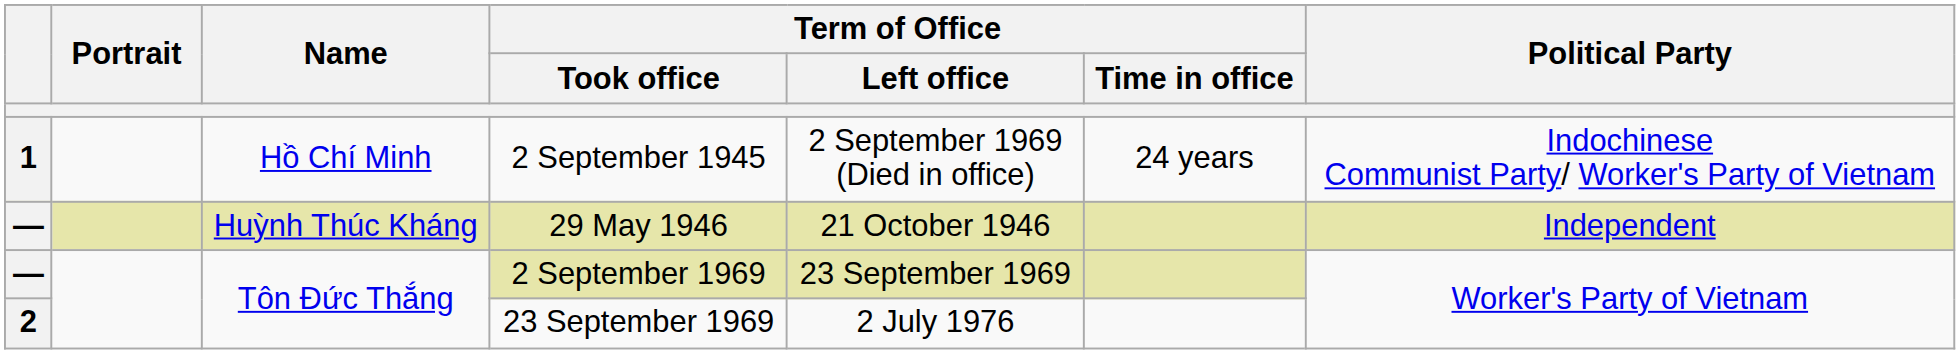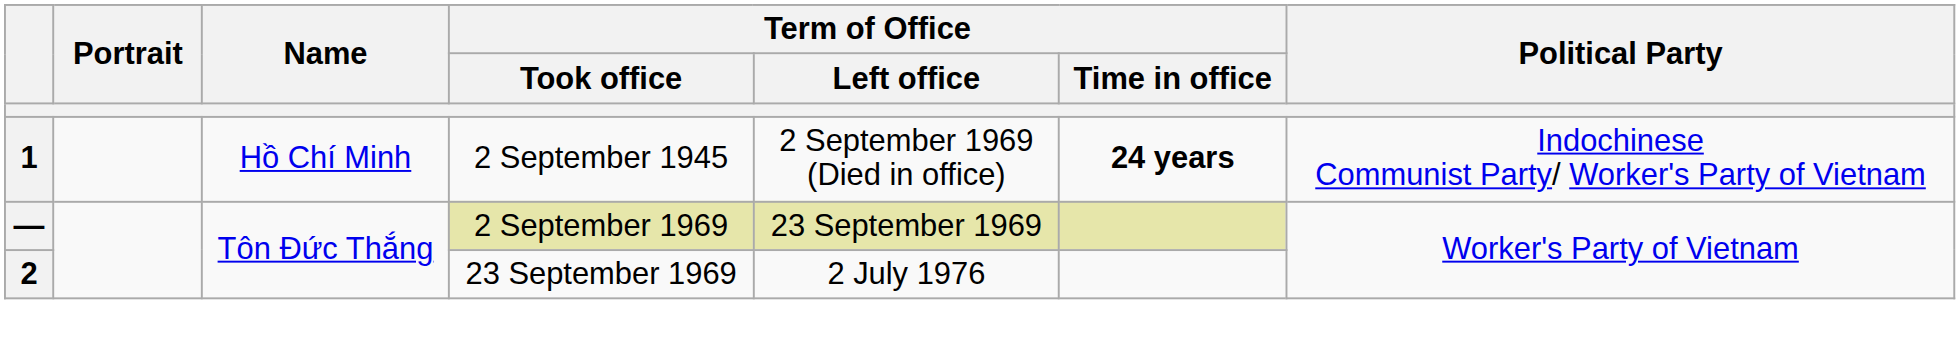 <table class="wikitable" style="text-align:center; border:1px #aaf solid; width:80%;">
 <tr>
 <th rowspan="2"></th>
 <th rowspan="2" style="width:70px;">Portrait</th>
 <th rowspan="2">Name<br></th>
 <th colspan="3">Term of Office</th>
 <th rowspan="2">Political Party</th>
 </tr>
 <tr>
 <th>Took office</th>
 <th>Left office</th>
 <th>Time in office</th>
 </tr>
 <tr>
 <th colspan="7"></th>
 </tr>
 <tr>
 <th style="background:">1</th>
 <td></td>
 <td><a href='#'>Hồ Chí Minh</a><br></td>
 <td>2 September 1945</td>
 <td>2 September 1969<br>(Died in office)</td>
-<td>24 years</td>
+<td><strong>24 years</strong></td>
 <td><a href='#'>Indochinese</a><br><a href='#'>Communist Party</a>/ <a href='#'>Worker's Party of Vietnam</a></td>
-</tr>
-<tr style="background:#e6e6aa;">
-<th style="background:">—</th>
-<td></td>
-<td><a href='#'>Huỳnh Thúc Kháng</a><br></td>
-<td>29 May 1946</td>
-<td>21 October 1946</td>
-<td></td>
-<td><a href='#'>Independent</a></td>
 </tr>
 <tr>
 <th style="background:">—</th>
 <td rowspan="2"></td>
 <td rowspan="2"><a href='#'>Tôn Đức Thắng</a><br></td>
 <td style="background:#e6e6aa;">2 September 1969</td>
 <td style="background:#e6e6aa;">23 September 1969</td>
 <td style="background:#e6e6aa;"></td>
 <td rowspan="2"><a href='#'>Worker's Party of Vietnam</a></td>
 </tr>
 <tr>
 <th style="background:">2</th>
 <td>23 September 1969</td>
 <td>2 July 1976</td>
 <td></td>
 </tr>
 </table>
